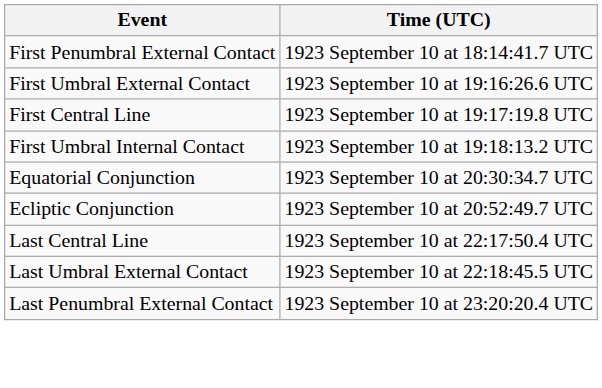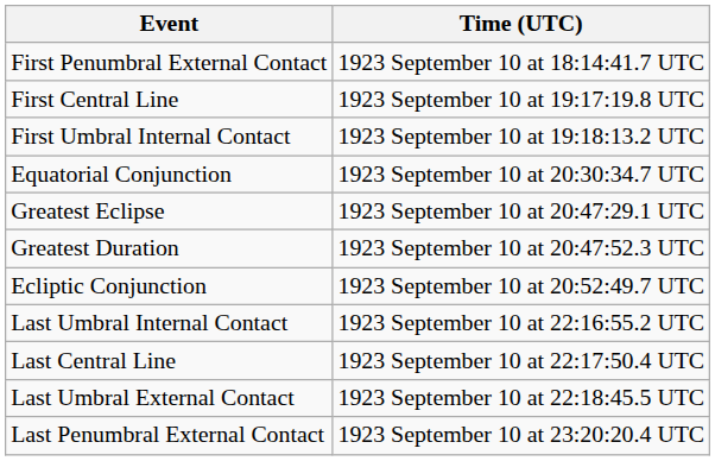 <table class="wikitable">
 <tr>
 <th>Event</th>
 <th>Time (UTC)</th>
 </tr>
 <tr>
 <td>First Penumbral External Contact</td>
 <td>1923 September 10 at 18:14:41.7 UTC</td>
-</tr>
-<tr>
-<td>First Umbral External Contact</td>
-<td>1923 September 10 at 19:16:26.6 UTC</td>
 </tr>
 <tr>
 <td>First Central Line</td>
 <td>1923 September 10 at 19:17:19.8 UTC</td>
 </tr>
 <tr>
 <td>First Umbral Internal Contact</td>
 <td>1923 September 10 at 19:18:13.2 UTC</td>
 </tr>
 <tr>
 <td>Equatorial Conjunction</td>
 <td>1923 September 10 at 20:30:34.7 UTC</td>
 </tr>
 <tr>
+<td>Greatest Eclipse</td>
+<td>1923 September 10 at 20:47:29.1 UTC</td>
+</tr>
+<tr>
+<td>Greatest Duration</td>
+<td>1923 September 10 at 20:47:52.3 UTC</td>
+</tr>
+<tr>
 <td>Ecliptic Conjunction</td>
 <td>1923 September 10 at 20:52:49.7 UTC</td>
+</tr>
+<tr>
+<td>Last Umbral Internal Contact</td>
+<td>1923 September 10 at 22:16:55.2 UTC</td>
 </tr>
 <tr>
 <td>Last Central Line</td>
 <td>1923 September 10 at 22:17:50.4 UTC</td>
 </tr>
 <tr>
 <td>Last Umbral External Contact</td>
 <td>1923 September 10 at 22:18:45.5 UTC</td>
 </tr>
 <tr>
 <td>Last Penumbral External Contact</td>
 <td>1923 September 10 at 23:20:20.4 UTC</td>
 </tr>
 </table>
